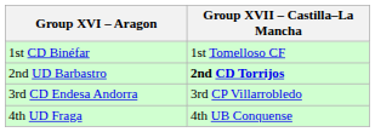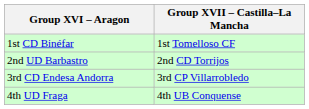 <table class="wikitable">
 <tr>
 <th width=210>Group XVI – Aragon </th>
 <th width=210>Group XVII – Castilla–La Mancha </th>
 </tr>
 <tr style="background:#D0FFD0;">
 <td>1st <a href='#'>CD Binéfar</a></td>
 <td>1st <a href='#'>Tomelloso CF</a></td>
 </tr>
 <tr style="background:#D0FFD0;">
 <td>2nd <a href='#'>UD Barbastro</a></td>
-<td><strong>2nd <a href='#'>CD Torrijos</a></strong></td>
+<td>2nd <a href='#'>CD Torrijos</a></td>
 </tr>
 <tr style="background:#D0FFD0;">
 <td>3rd <a href='#'>CD Endesa Andorra</a></td>
 <td>3rd <a href='#'>CP Villarrobledo</a></td>
 </tr>
 <tr style="background:#D0FFD0;">
 <td>4th <a href='#'>UD Fraga</a></td>
 <td>4th <a href='#'>UB Conquense</a></td>
 </tr>
 </table>
